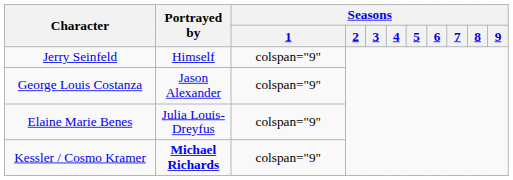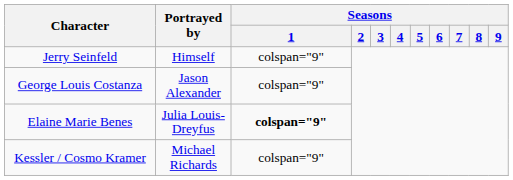 <table class="wikitable plainrowheaders" style="text-align:center;">
 <tr>
 <th scope="col" rowspan="2" style="width:30%;">Character</th>
 <th scope="col" rowspan="2" style="width:15%;">Portrayed by</th>
 <th scope="col" colspan="9"><a href='#'>Seasons</a></th>
 </tr>
 <tr>
 <th scope="col" style="width:2;"><a href='#'>1</a></th>
 <th scope="col" style="width:2;"><a href='#'>2</a></th>
 <th scope="col" style="width:2;"><a href='#'>3</a></th>
 <th scope="col" style="width:2;"><a href='#'>4</a></th>
 <th scope="col" style="width:2;"><a href='#'>5</a></th>
 <th scope="col" style="width:2;"><a href='#'>6</a></th>
 <th scope="col" style="width:2;"><a href='#'>7</a></th>
 <th scope="col" style="width:2;"><a href='#'>8</a></th>
 <th scope="col" style="width:2;"><a href='#'>9</a></th>
 </tr>
 <tr>
 <td scope="row"><a href='#'>Jerry Seinfeld</a></td>
 <td><a href='#'>Himself</a></td>
 <td>colspan="9" </td>
 </tr>
 <tr>
 <td scope="row"><a href='#'>George Louis Costanza</a></td>
 <td><a href='#'>Jason Alexander</a></td>
 <td>colspan="9" </td>
 </tr>
 <tr>
 <td scope="row"><a href='#'>Elaine Marie Benes</a></td>
 <td><a href='#'>Julia Louis-Dreyfus</a></td>
-<td>colspan="9" </td>
+<td><strong>colspan="9" </strong></td>
 </tr>
 <tr>
 <td scope="row"><a href='#'>Kessler / Cosmo Kramer</a></td>
-<td><strong><a href='#'>Michael Richards</a></strong></td>
+<td><a href='#'>Michael Richards</a></td>
 <td>colspan="9" </td>
 </tr>
 </table>
